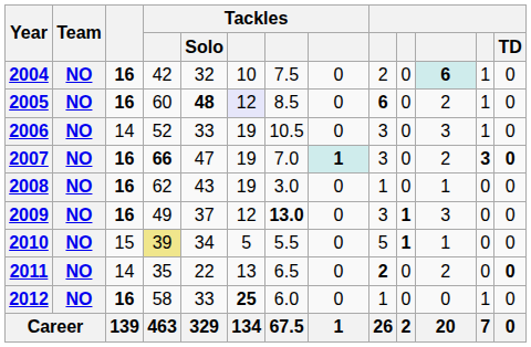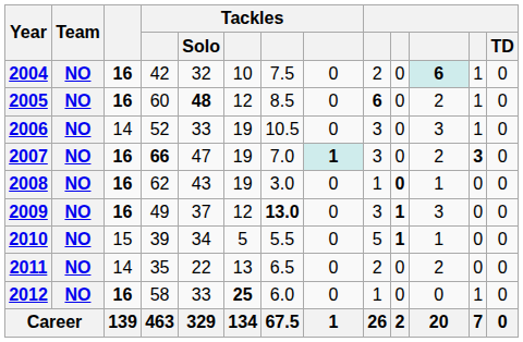 <table class="wikitable" style="text-align: center;">
 <tr>
 <th rowspan="2">Year</th>
 <th rowspan="2">Team</th>
 <th rowspan="2"></th>
 <th colspan="5">Tackles</th>
 <th colspan="5"></th>
 </tr>
 <tr>
 <th></th>
 <th>Solo</th>
 <th></th>
 <th></th>
 <th></th>
 <th></th>
 <th></th>
 <th></th>
 <th></th>
 <th>TD</th>
 </tr>
 <tr>
 <th><a href='#'>2004</a></th>
 <th><a href='#'>NO</a></th>
 <td><strong>16</strong></td>
 <td>42</td>
 <td>32</td>
 <td>10</td>
 <td>7.5</td>
 <td>0</td>
 <td>2</td>
 <td>0</td>
 <td style="background:#CFECEC; width:3em;"><strong>6</strong></td>
 <td>1</td>
 <td>0</td>
 </tr>
 <tr>
 <th><a href='#'>2005</a></th>
 <th><a href='#'>NO</a></th>
 <td><strong>16</strong></td>
 <td>60</td>
 <td><strong>48</strong></td>
-<td style="background: lavender;">12</td>
+<td>12</td>
 <td>8.5</td>
 <td>0</td>
 <td><strong>6</strong></td>
 <td>0</td>
 <td>2</td>
 <td>1</td>
 <td>0</td>
 </tr>
 <tr>
 <th><a href='#'>2006</a></th>
 <th><a href='#'>NO</a></th>
 <td>14</td>
 <td>52</td>
 <td>33</td>
 <td>19</td>
 <td>10.5</td>
 <td>0</td>
 <td>3</td>
 <td>0</td>
 <td>3</td>
 <td>1</td>
 <td>0</td>
 </tr>
 <tr>
 <th><a href='#'>2007</a></th>
 <th><a href='#'>NO</a></th>
 <td><strong>16</strong></td>
 <td><strong>66</strong></td>
 <td>47</td>
 <td>19</td>
 <td>7.0</td>
 <td style="background:#CFECEC; width:3em;"><strong>1</strong></td>
 <td>3</td>
 <td>0</td>
 <td>2</td>
 <td><strong>3</strong></td>
-<td><strong>0</strong></td>
+<td>0</td>
 </tr>
 <tr>
 <th><a href='#'>2008</a></th>
 <th><a href='#'>NO</a></th>
 <td><strong>16</strong></td>
 <td>62</td>
 <td>43</td>
 <td>19</td>
 <td>3.0</td>
 <td>0</td>
 <td>1</td>
-<td>0</td>
+<td><strong>0</strong></td>
 <td>1</td>
 <td>0</td>
 <td>0</td>
 </tr>
 <tr>
 <th><a href='#'>2009</a></th>
 <th><a href='#'>NO</a></th>
 <td><strong>16</strong></td>
 <td>49</td>
 <td>37</td>
 <td>12</td>
 <td><strong>13.0</strong></td>
 <td>0</td>
 <td>3</td>
 <td><strong>1</strong></td>
 <td>3</td>
 <td>0</td>
 <td>0</td>
 </tr>
 <tr>
 <th><a href='#'>2010</a></th>
 <th><a href='#'>NO</a></th>
 <td>15</td>
-<td style="background: khaki;">39</td>
+<td>39</td>
 <td>34</td>
 <td>5</td>
 <td>5.5</td>
 <td>0</td>
 <td>5</td>
 <td><strong>1</strong></td>
 <td>1</td>
 <td>0</td>
 <td>0</td>
 </tr>
 <tr>
 <th><a href='#'>2011</a></th>
 <th><a href='#'>NO</a></th>
 <td>14</td>
 <td>35</td>
 <td>22</td>
 <td>13</td>
 <td>6.5</td>
 <td>0</td>
-<td><strong>2</strong></td>
+<td>2</td>
 <td>0</td>
 <td>2</td>
 <td>0</td>
-<td><strong>0</strong></td>
+<td>0</td>
 </tr>
 <tr>
 <th><a href='#'>2012</a></th>
 <th><a href='#'>NO</a></th>
 <td><strong>16</strong></td>
 <td>58</td>
 <td>33</td>
 <td><strong>25</strong></td>
 <td>6.0</td>
 <td>0</td>
 <td>1</td>
 <td>0</td>
 <td>0</td>
 <td>1</td>
 <td>0</td>
 </tr>
 <tr>
 <th colspan="2">Career</th>
 <th>139</th>
 <th>463</th>
 <th>329</th>
 <th>134</th>
 <th>67.5</th>
 <th>1</th>
 <th>26</th>
 <th>2</th>
 <th>20</th>
 <th>7</th>
 <th>0</th>
 </tr>
 </table>
